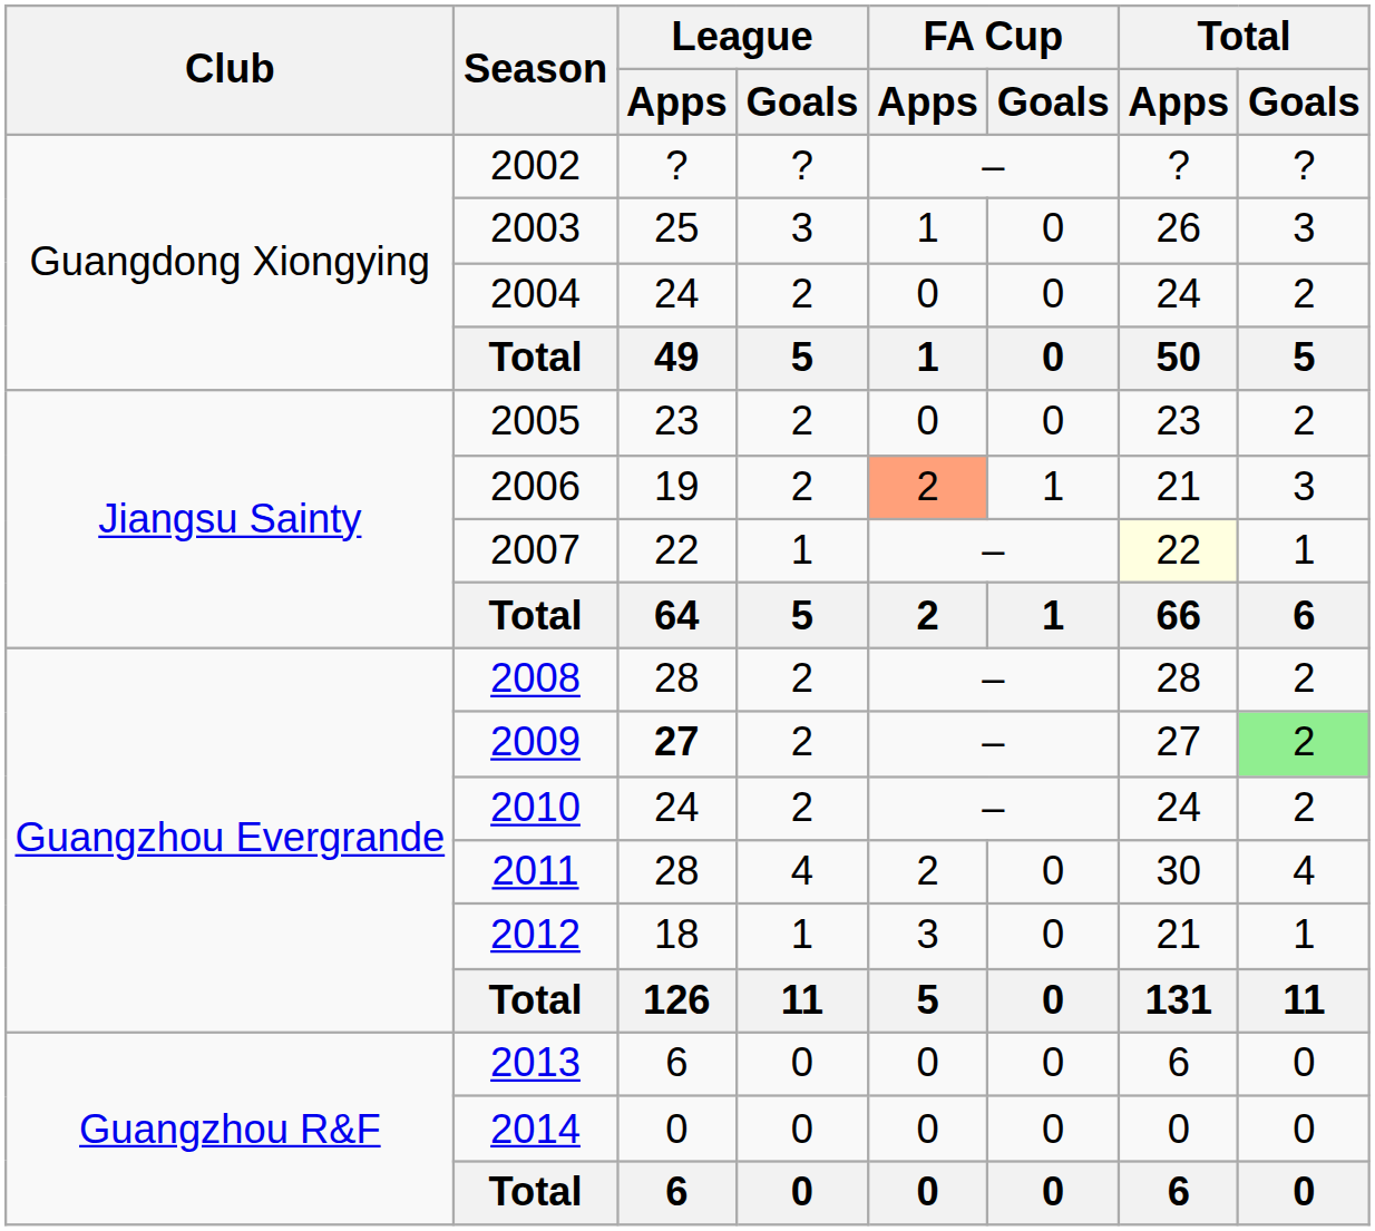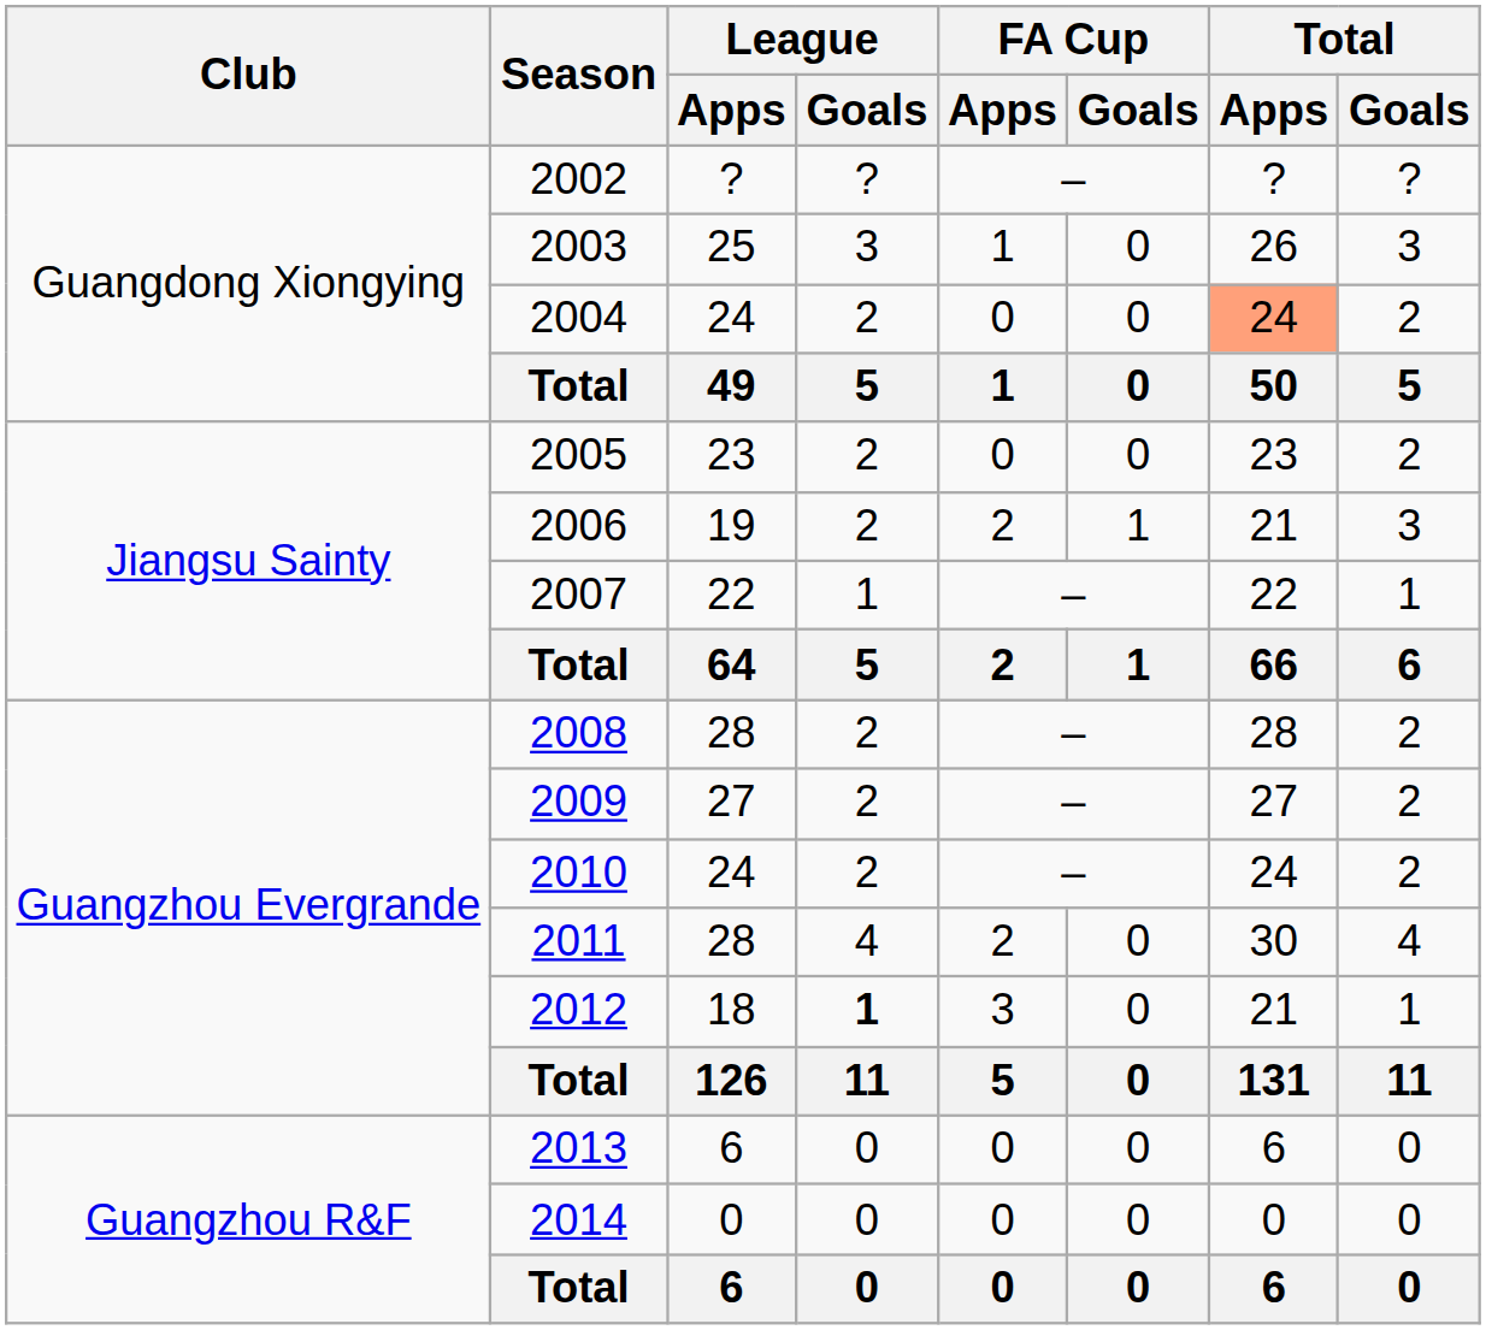 <table class="wikitable" style="text-align: center;">
 <tr>
 <th rowspan="2">Club</th>
 <th rowspan="2">Season</th>
 <th colspan="2">League</th>
 <th colspan="2">FA Cup</th>
 <th colspan="2">Total</th>
 </tr>
 <tr>
 <th>Apps</th>
 <th>Goals</th>
 <th>Apps</th>
 <th>Goals</th>
 <th>Apps</th>
 <th>Goals</th>
 </tr>
 <tr>
 <td rowspan="4" valign="center">Guangdong Xiongying</td>
 <td>2002</td>
 <td>?</td>
 <td>?</td>
 <td colspan="2">–</td>
 <td>?</td>
 <td>?</td>
 </tr>
 <tr>
 <td>2003</td>
 <td>25</td>
 <td>3</td>
 <td>1</td>
 <td>0</td>
 <td>26</td>
 <td>3</td>
 </tr>
 <tr>
 <td>2004</td>
 <td>24</td>
 <td>2</td>
 <td>0</td>
 <td>0</td>
-<td>24</td>
+<td style="background: lightsalmon;">24</td>
 <td>2</td>
 </tr>
 <tr>
 <th>Total</th>
 <th>49</th>
 <th>5</th>
 <th>1</th>
 <th>0</th>
 <th>50</th>
 <th>5</th>
 </tr>
 <tr>
 <td rowspan="4" valign="center"><a href='#'>Jiangsu Sainty</a></td>
 <td>2005</td>
 <td>23</td>
 <td>2</td>
 <td>0</td>
 <td>0</td>
 <td>23</td>
 <td>2</td>
 </tr>
 <tr>
 <td>2006</td>
 <td>19</td>
 <td>2</td>
-<td style="background: lightsalmon;">2</td>
+<td>2</td>
 <td>1</td>
 <td>21</td>
 <td>3</td>
 </tr>
 <tr>
 <td>2007</td>
 <td>22</td>
 <td>1</td>
 <td colspan="2">–</td>
-<td style="background: lightyellow;">22</td>
+<td>22</td>
 <td>1</td>
 </tr>
 <tr>
 <th>Total</th>
 <th>64</th>
 <th>5</th>
 <th>2</th>
 <th>1</th>
 <th>66</th>
 <th>6</th>
 </tr>
 <tr>
 <td rowspan="6" valign="center"><a href='#'>Guangzhou Evergrande</a></td>
 <td><a href='#'>2008</a></td>
 <td>28</td>
 <td>2</td>
 <td colspan="2">–</td>
 <td>28</td>
 <td>2</td>
 </tr>
 <tr>
 <td><a href='#'>2009</a></td>
-<td><strong>27</strong></td>
+<td>27</td>
 <td>2</td>
 <td colspan="2">–</td>
 <td>27</td>
-<td style="background: lightgreen;">2</td>
+<td>2</td>
 </tr>
 <tr>
 <td><a href='#'>2010</a></td>
 <td>24</td>
 <td>2</td>
 <td colspan="2">–</td>
 <td>24</td>
 <td>2</td>
 </tr>
 <tr>
 <td><a href='#'>2011</a></td>
 <td>28</td>
 <td>4</td>
 <td>2</td>
 <td>0</td>
 <td>30</td>
 <td>4</td>
 </tr>
 <tr>
 <td><a href='#'>2012</a></td>
 <td>18</td>
-<td>1</td>
+<td><strong>1</strong></td>
 <td>3</td>
 <td>0</td>
 <td>21</td>
 <td>1</td>
 </tr>
 <tr>
 <th>Total</th>
 <th>126</th>
 <th>11</th>
 <th>5</th>
 <th>0</th>
 <th>131</th>
 <th>11</th>
 </tr>
 <tr>
 <td rowspan="3" valign="center"><a href='#'>Guangzhou R&F</a></td>
 <td><a href='#'>2013</a></td>
 <td>6</td>
 <td>0</td>
 <td>0</td>
 <td>0</td>
 <td>6</td>
 <td>0</td>
 </tr>
 <tr>
 <td><a href='#'>2014</a></td>
 <td>0</td>
 <td>0</td>
 <td>0</td>
 <td>0</td>
 <td>0</td>
 <td>0</td>
 </tr>
 <tr>
 <th>Total</th>
 <th>6</th>
 <th>0</th>
 <th>0</th>
 <th>0</th>
 <th>6</th>
 <th>0</th>
 </tr>
 </table>
